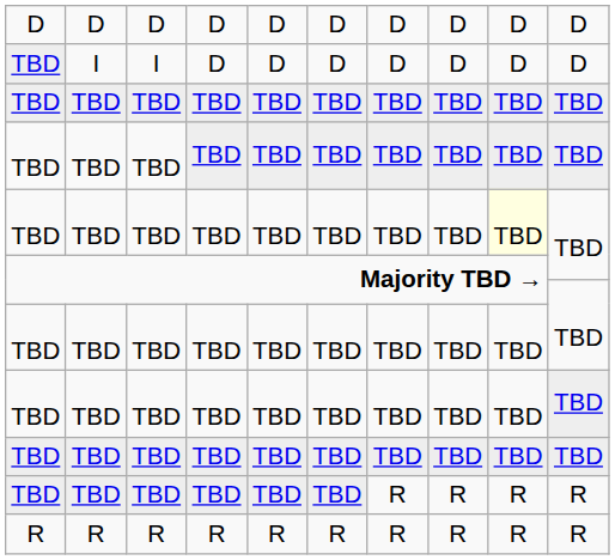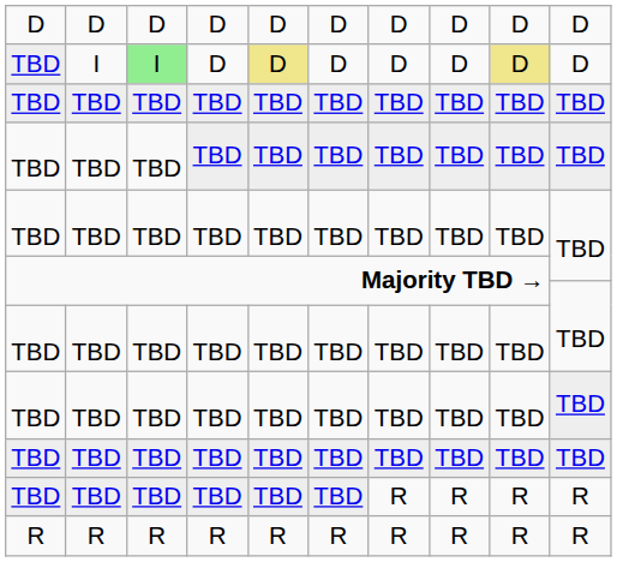 <table class="wikitable" style="text-align:center">
 <tr>
 <td width=10% >D</td>
 <td width=10% >D</td>
 <td width=10% >D</td>
 <td width=10% >D</td>
 <td width=10% >D</td>
 <td width=10% >D</td>
 <td width=10% >D</td>
 <td width=10% >D</td>
 <td width=10% >D</td>
 <td width=10% >D</td>
 </tr>
 <tr>
 <td style="background:#eee;"><a href='#'>TBD<br></a></td>
 <td>I</td>
-<td>I</td>
+<td style="background: lightgreen;">I</td>
+<td>D</td>
+<td style="background: khaki;">D</td>
 <td>D</td>
 <td>D</td>
 <td>D</td>
-<td>D</td>
-<td>D</td>
-<td>D</td>
+<td style="background: khaki;">D</td>
 <td>D</td>
 </tr>
 <tr>
 <td style="background:#eee;"><a href='#'>TBD<br></a></td>
 <td style="background:#eee;"><a href='#'>TBD<br></a></td>
 <td style="background:#eee;"><a href='#'>TBD<br></a></td>
 <td style="background:#eee;"><a href='#'>TBD<br></a></td>
 <td style="background:#eee;"><a href='#'>TBD<br></a></td>
 <td style="background:#eee;"><a href='#'>TBD<br></a></td>
 <td style="background:#eee;"><a href='#'>TBD<br></a></td>
 <td style="background:#eee;"><a href='#'>TBD<br></a></td>
 <td style="background:#eee;"><a href='#'>TBD<br></a></td>
 <td style="background:#eee;"><a href='#'>TBD<br></a></td>
 </tr>
 <tr>
 <td><br>TBD</td>
 <td><br>TBD</td>
 <td><br>TBD</td>
 <td style="background:#eee;"><a href='#'>TBD<br></a></td>
 <td style="background:#eee;"><a href='#'>TBD<br></a></td>
 <td style="background:#eee;"><a href='#'>TBD<br></a></td>
 <td style="background:#eee;"><a href='#'>TBD<br></a></td>
 <td style="background:#eee;"><a href='#'>TBD<br></a></td>
 <td style="background:#eee;"><a href='#'>TBD<br></a></td>
 <td style="background:#eee;"><a href='#'>TBD<br></a></td>
 </tr>
 <tr>
 <td><br>TBD</td>
 <td><br>TBD</td>
 <td><br>TBD</td>
 <td><br>TBD</td>
 <td><br>TBD</td>
 <td><br>TBD</td>
 <td><br>TBD</td>
 <td><br>TBD</td>
-<td style="background: lightyellow;"><br>TBD</td>
+<td><br>TBD</td>
 <td rowspan=2 ><br>TBD</td>
 </tr>
 <tr style="height:1em">
 <td rowspan=2 colspan=9 style="text-align:right"><strong>Majority TBD →</strong></td>
 </tr>
 <tr style="height:1em">
 <td rowspan=2 ><br>TBD</td>
 </tr>
 <tr>
 <td><br>TBD</td>
 <td><br>TBD</td>
 <td><br>TBD</td>
 <td><br>TBD</td>
 <td><br>TBD</td>
 <td><br>TBD</td>
 <td><br>TBD</td>
 <td><br>TBD</td>
 <td><br>TBD</td>
 </tr>
 <tr>
 <td><br>TBD</td>
 <td><br>TBD</td>
 <td><br>TBD</td>
 <td><br>TBD</td>
 <td><br>TBD</td>
 <td><br>TBD</td>
 <td><br>TBD</td>
 <td><br>TBD</td>
 <td><br>TBD</td>
 <td style="background:#eee;"><a href='#'>TBD<br></a></td>
 </tr>
 <tr>
 <td style="background:#eee;"><a href='#'>TBD<br></a></td>
 <td style="background:#eee;"><a href='#'>TBD<br></a></td>
 <td style="background:#eee;"><a href='#'>TBD<br></a></td>
 <td style="background:#eee;"><a href='#'>TBD<br></a></td>
 <td style="background:#eee;"><a href='#'>TBD<br></a></td>
 <td style="background:#eee;"><a href='#'>TBD<br></a></td>
 <td style="background:#eee;"><a href='#'>TBD<br></a></td>
 <td style="background:#eee;"><a href='#'>TBD<br></a></td>
 <td style="background:#eee;"><a href='#'>TBD<br></a></td>
 <td style="background:#eee;"><a href='#'>TBD<br></a></td>
 </tr>
 <tr>
 <td style="background:#eee;"><a href='#'>TBD<br></a></td>
 <td style="background:#eee;"><a href='#'>TBD<br></a></td>
 <td style="background:#eee;"><a href='#'>TBD<br></a></td>
 <td style="background:#eee;"><a href='#'>TBD<br></a></td>
 <td style="background:#eee;"><a href='#'>TBD<br></a></td>
 <td style="background:#eee;"><a href='#'>TBD<br></a></td>
 <td>R</td>
 <td>R</td>
 <td>R</td>
 <td>R</td>
 </tr>
 <tr>
 <td>R</td>
 <td>R</td>
 <td>R</td>
 <td>R</td>
 <td>R</td>
 <td>R</td>
 <td>R</td>
 <td>R</td>
 <td>R</td>
 <td>R</td>
 </tr>
 </table>
